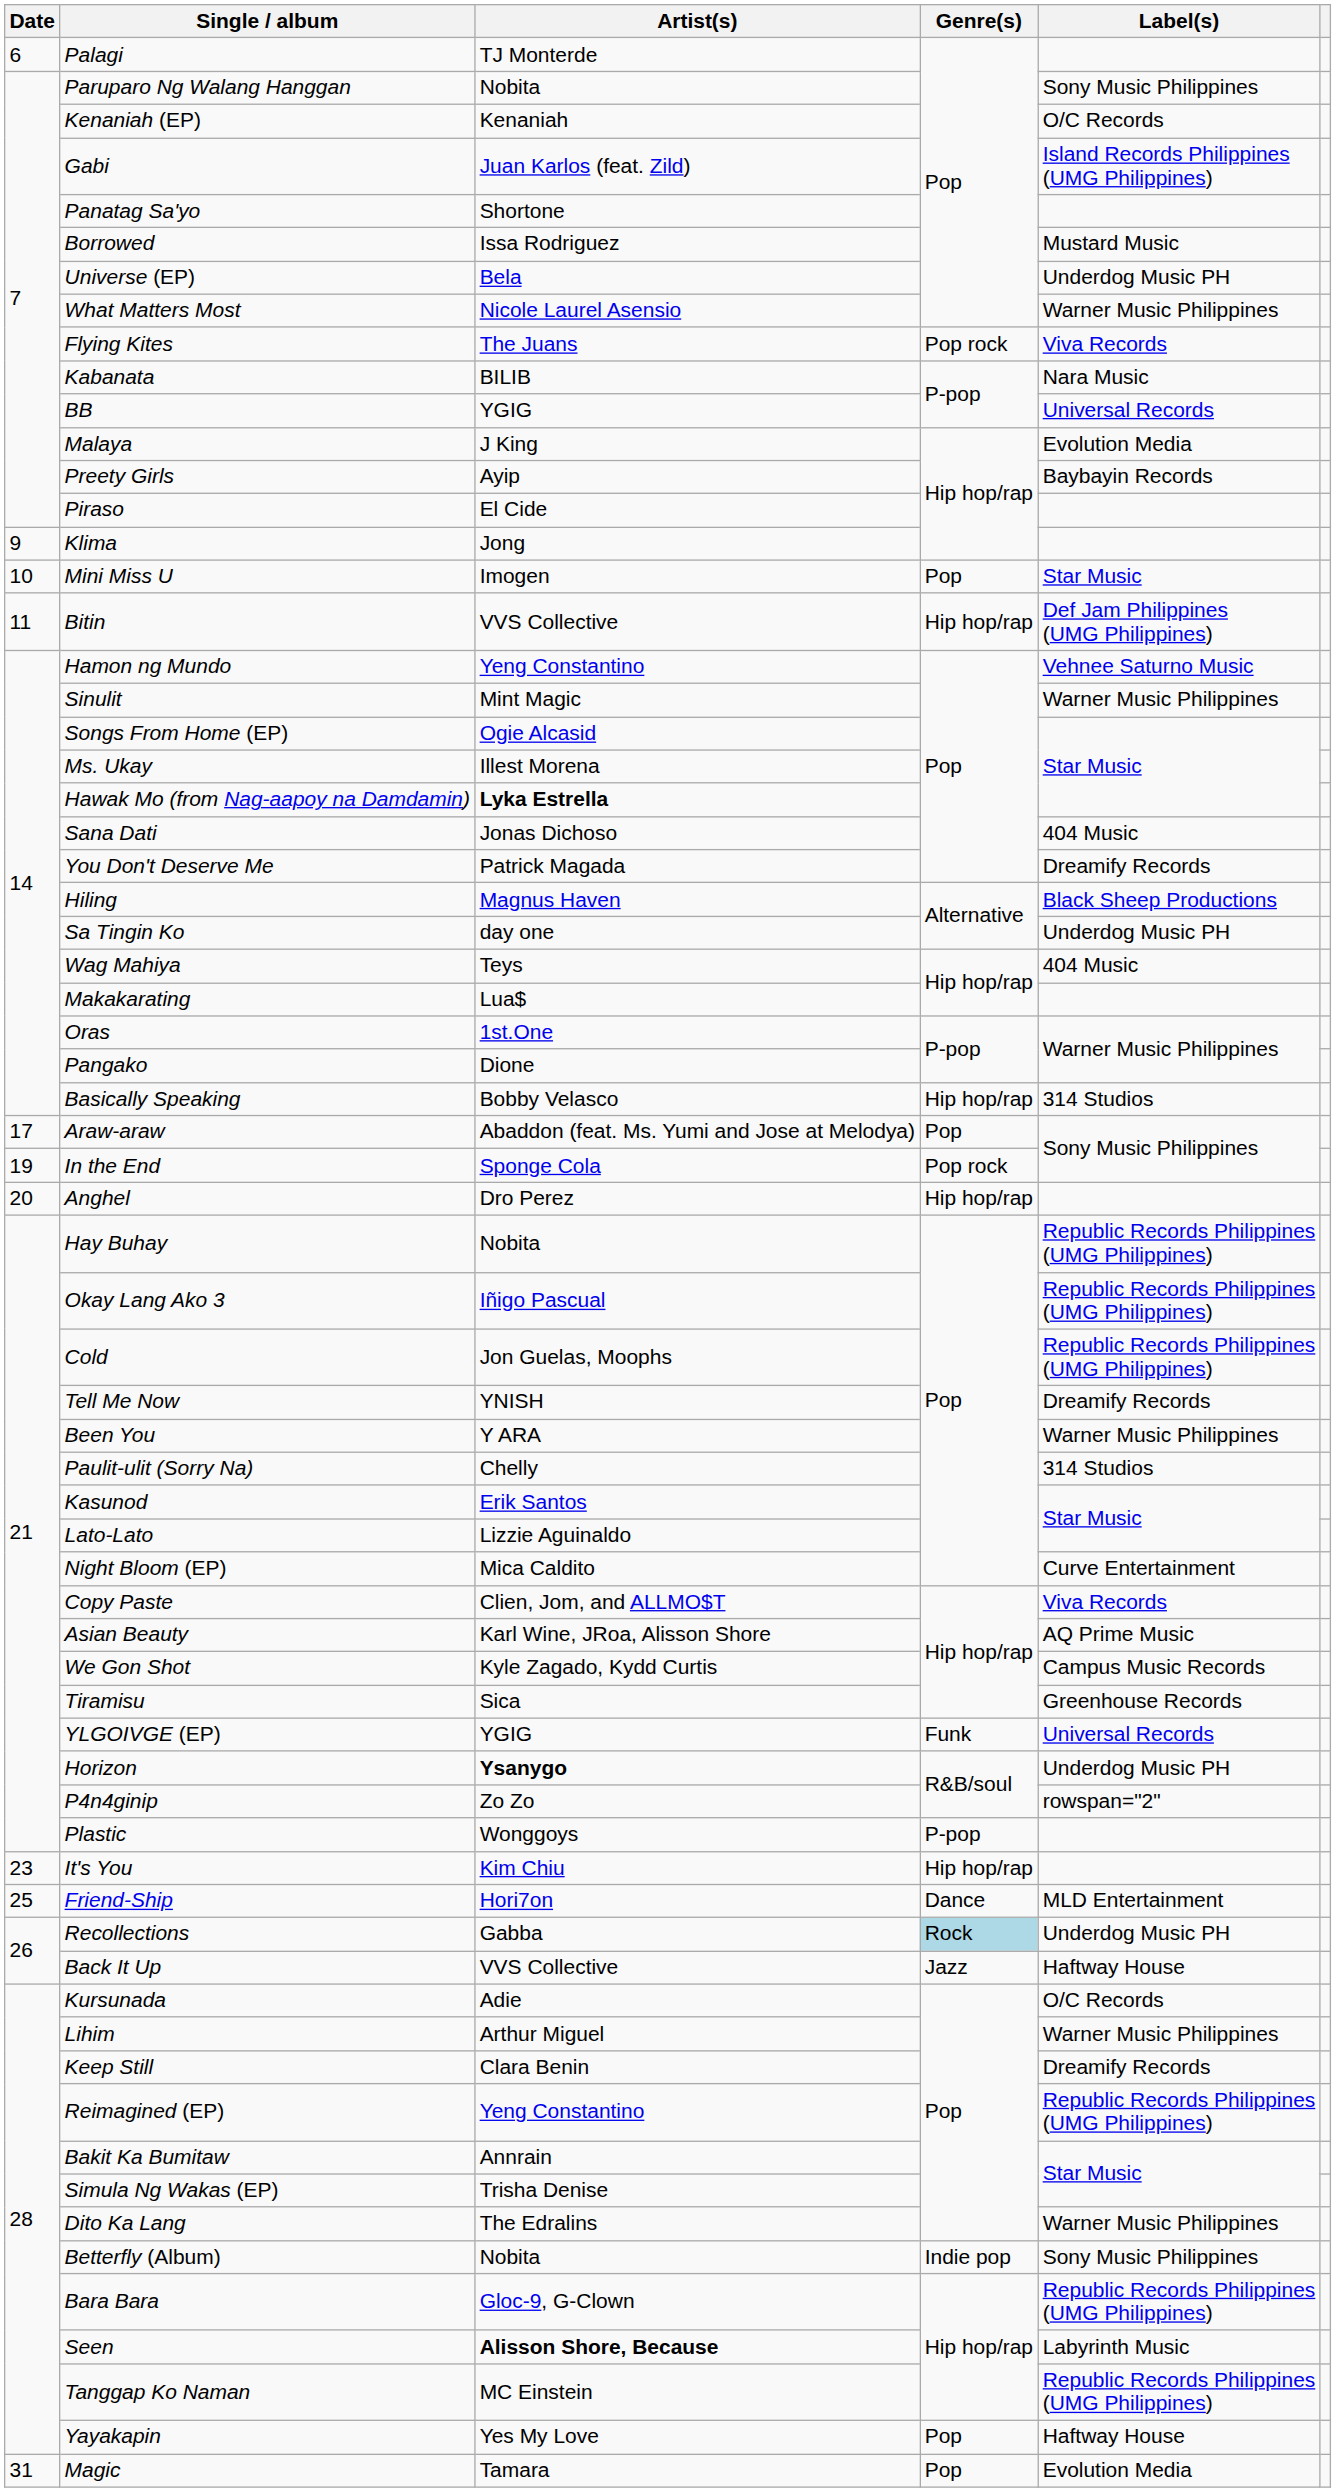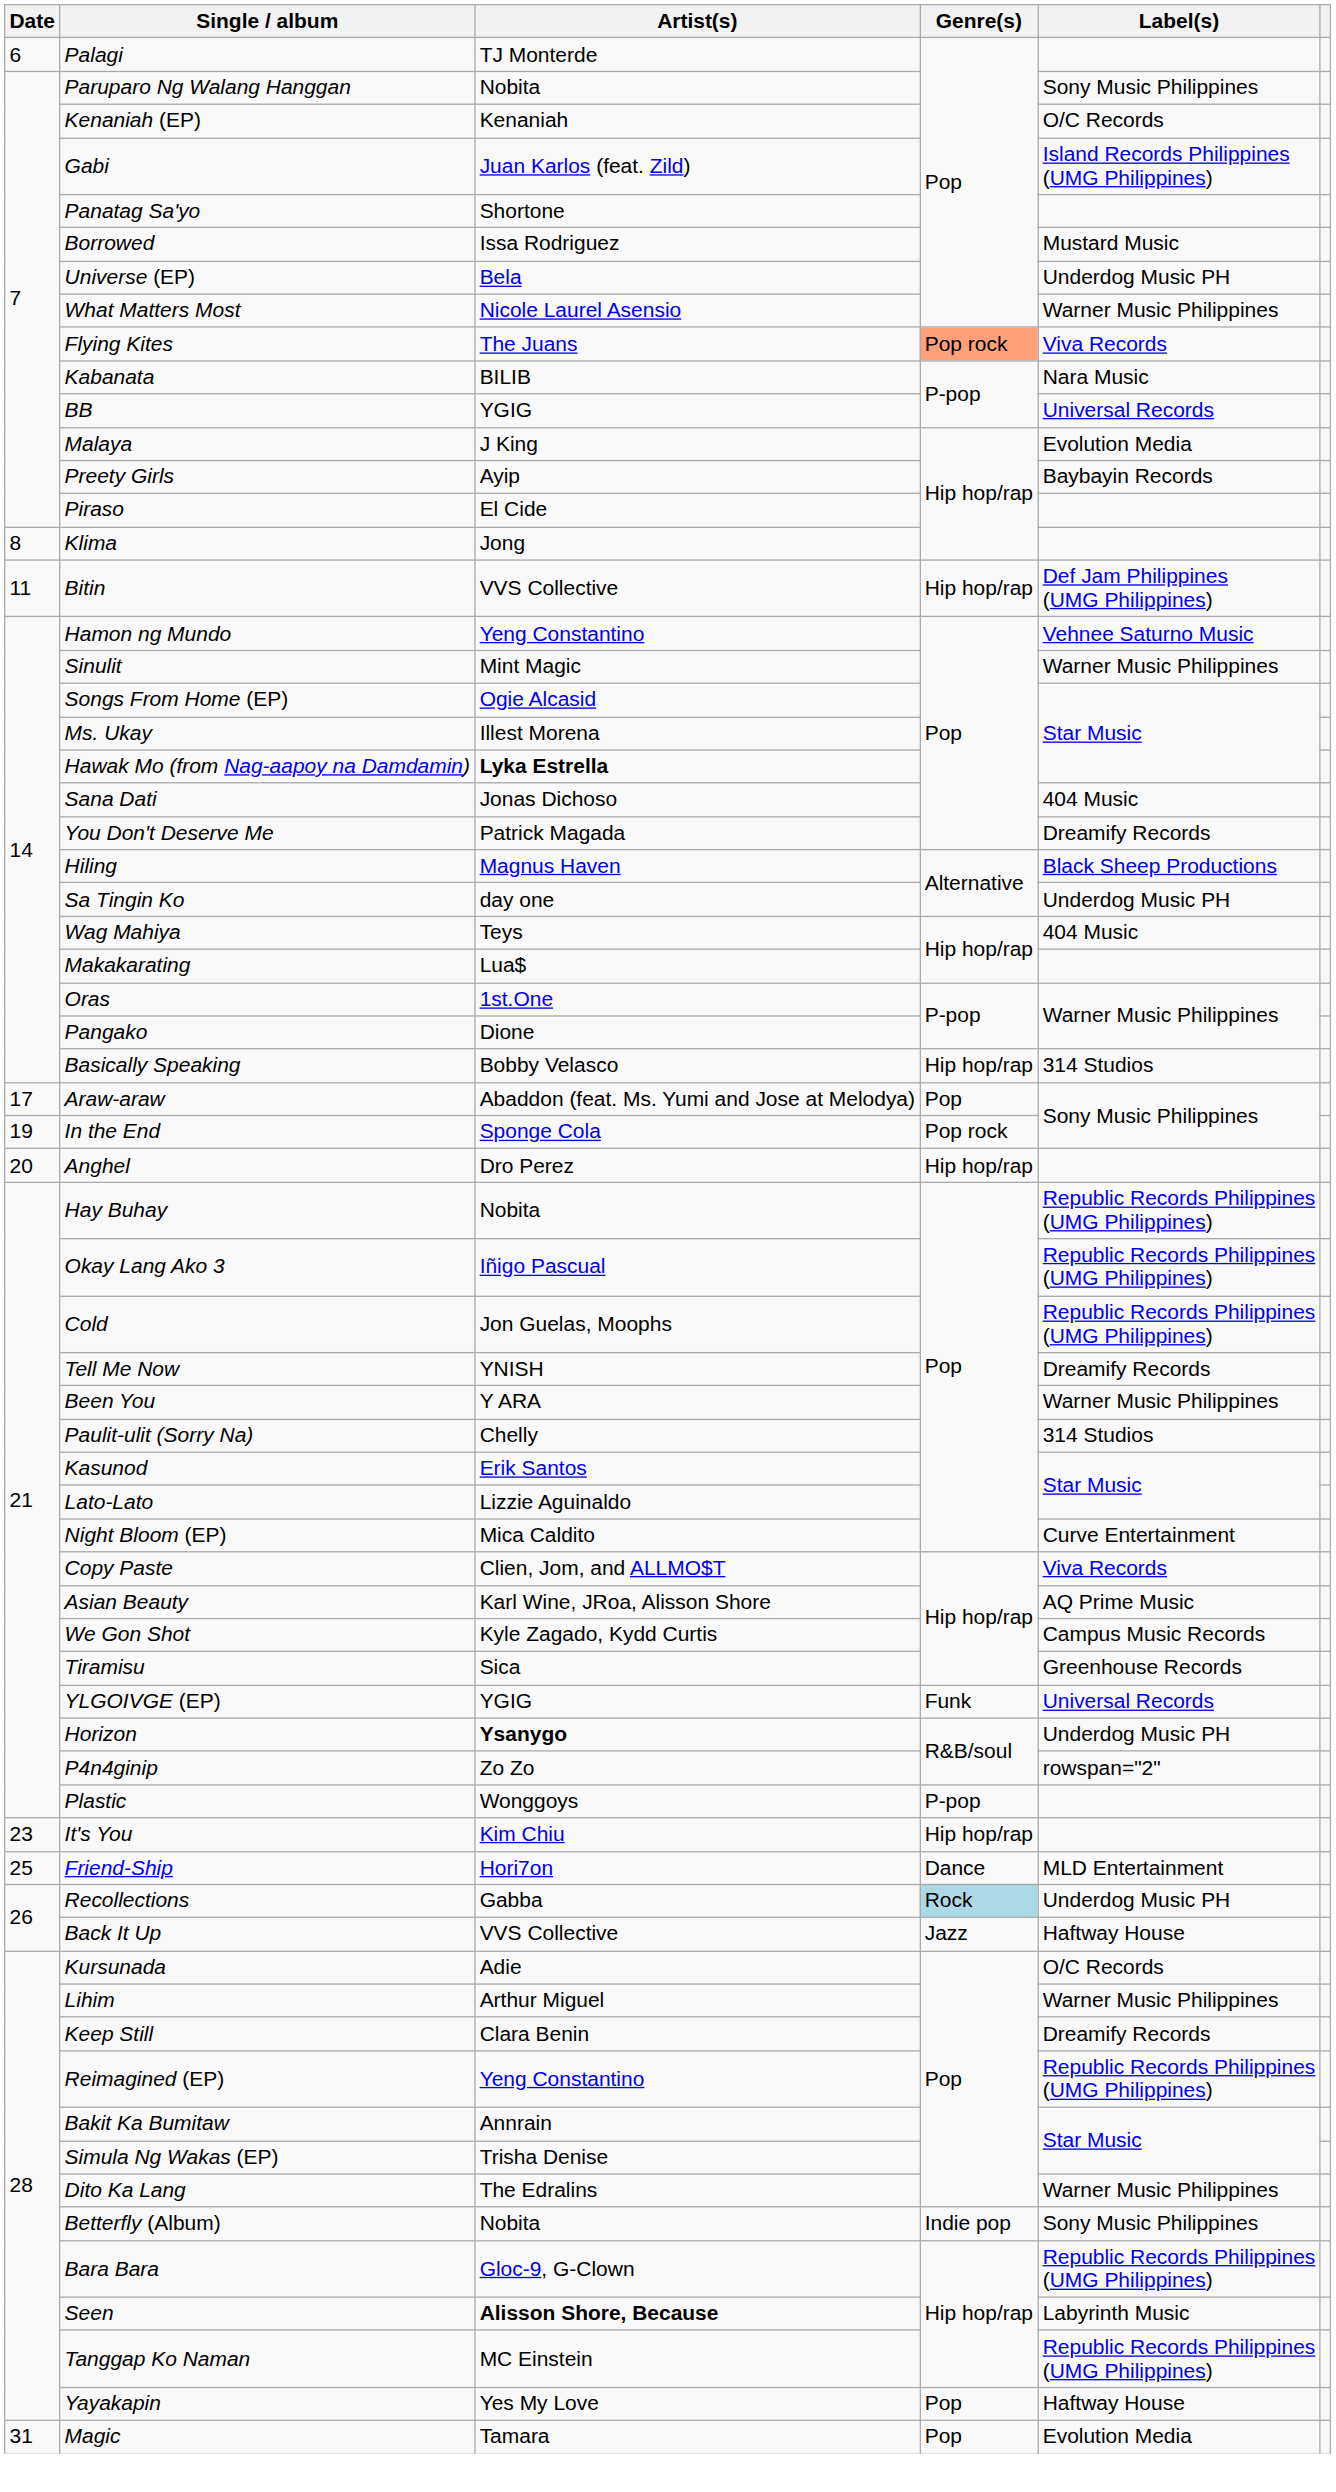 <table class="wikitable">
 <tr>
 <th>Date</th>
 <th>Single / album</th>
 <th>Artist(s)</th>
 <th>Genre(s)</th>
 <th>Label(s)</th>
 <th></th>
 </tr>
 <tr>
 <td>6</td>
 <td><em>Palagi</em></td>
 <td>TJ Monterde</td>
 <td rowspan="8">Pop</td>
 <td></td>
 <td></td>
 </tr>
 <tr>
 <td rowspan="13">7</td>
 <td><em>Paruparo Ng Walang Hanggan</em></td>
 <td>Nobita</td>
 <td>Sony Music Philippines</td>
 <td></td>
 </tr>
 <tr>
 <td><em>Kenaniah</em> (EP)</td>
 <td>Kenaniah</td>
 <td>O/C Records</td>
 <td></td>
 </tr>
 <tr>
 <td><em>Gabi</em></td>
 <td><a href='#'>Juan Karlos</a> (feat. <a href='#'>Zild</a>)</td>
 <td><a href='#'>Island Records Philippines</a><br>(<a href='#'>UMG Philippines</a>)</td>
 <td></td>
 </tr>
 <tr>
 <td><em>Panatag Sa'yo</em></td>
 <td>Shortone</td>
 <td></td>
 <td></td>
 </tr>
 <tr>
 <td><em>Borrowed</em></td>
 <td>Issa Rodriguez</td>
 <td>Mustard Music</td>
 <td></td>
 </tr>
 <tr>
 <td><em>Universe</em> (EP)</td>
 <td><a href='#'>Bela</a></td>
 <td>Underdog Music PH</td>
 <td></td>
 </tr>
 <tr>
 <td><em>What Matters Most</em></td>
 <td><a href='#'>Nicole Laurel Asensio</a></td>
 <td>Warner Music Philippines</td>
 </tr>
 <tr>
 <td><em>Flying Kites</em></td>
 <td><a href='#'>The Juans</a></td>
-<td>Pop rock</td>
+<td style="background: lightsalmon;">Pop rock</td>
 <td><a href='#'>Viva Records</a></td>
 <td></td>
 </tr>
 <tr>
 <td><em>Kabanata</em></td>
 <td>BILIB</td>
 <td rowspan="2">P-pop</td>
 <td>Nara Music</td>
 <td></td>
 </tr>
 <tr>
 <td><em>BB</em></td>
 <td>YGIG</td>
 <td><a href='#'>Universal Records</a></td>
 <td></td>
 </tr>
 <tr>
 <td><em>Malaya</em></td>
 <td>J King</td>
 <td rowspan="4">Hip hop/rap</td>
 <td>Evolution Media</td>
 <td></td>
 </tr>
 <tr>
 <td><em>Preety Girls</em></td>
 <td>Ayip</td>
 <td>Baybayin Records</td>
 <td></td>
 </tr>
 <tr>
 <td><em>Piraso</em></td>
 <td>El Cide</td>
 <td></td>
 <td></td>
 </tr>
 <tr>
-<td>9</td>
+<td>8</td>
 <td><em>Klima</em></td>
 <td>Jong</td>
 <td></td>
-<td></td>
-</tr>
-<tr>
-<td>10</td>
-<td><em>Mini Miss U</em></td>
-<td>Imogen</td>
-<td>Pop</td>
-<td><a href='#'>Star Music</a></td>
 <td></td>
 </tr>
 <tr>
 <td>11</td>
 <td><em>Bitin</em></td>
 <td>VVS Collective</td>
 <td>Hip hop/rap</td>
 <td><a href='#'>Def Jam Philippines</a><br>(<a href='#'>UMG Philippines</a>)</td>
 <td></td>
 </tr>
 <tr>
 <td rowspan="14">14</td>
 <td><em>Hamon ng Mundo</em></td>
 <td><a href='#'>Yeng Constantino</a></td>
 <td rowspan="7">Pop</td>
 <td><a href='#'>Vehnee Saturno Music</a></td>
 <td></td>
 </tr>
 <tr>
 <td><em>Sinulit</em></td>
 <td>Mint Magic</td>
 <td>Warner Music Philippines</td>
 <td></td>
 </tr>
 <tr>
 <td><em>Songs From Home</em> (EP)</td>
 <td><a href='#'>Ogie Alcasid</a></td>
 <td rowspan="3"><a href='#'>Star Music</a></td>
 <td></td>
 </tr>
 <tr>
 <td><em>Ms. Ukay</em></td>
 <td>Illest Morena</td>
 <td></td>
 </tr>
 <tr>
 <td><em>Hawak Mo (from <a href='#'>Nag-aapoy na Damdamin</a>)</em></td>
 <td><strong>Lyka Estrella</strong></td>
 <td></td>
 </tr>
 <tr>
 <td><em>Sana Dati</em></td>
 <td>Jonas Dichoso</td>
 <td>404 Music</td>
 <td></td>
 </tr>
 <tr>
 <td><em>You Don't Deserve Me</em></td>
 <td>Patrick Magada</td>
 <td>Dreamify Records</td>
 <td></td>
 </tr>
 <tr>
 <td><em>Hiling</em></td>
 <td><a href='#'>Magnus Haven</a></td>
 <td rowspan="2">Alternative</td>
 <td><a href='#'>Black Sheep Productions</a></td>
 <td></td>
 </tr>
 <tr>
 <td><em>Sa Tingin Ko</em></td>
 <td>day one</td>
 <td>Underdog Music PH</td>
 <td></td>
 </tr>
 <tr>
 <td><em>Wag Mahiya</em></td>
 <td>Teys</td>
 <td rowspan="2">Hip hop/rap</td>
 <td>404 Music</td>
 <td></td>
 </tr>
 <tr>
 <td><em>Makakarating</em></td>
 <td>Lua$</td>
 <td></td>
 <td></td>
 </tr>
 <tr>
 <td><em>Oras</em></td>
 <td><a href='#'>1st.One</a></td>
 <td rowspan="2">P-pop</td>
 <td rowspan="2">Warner Music Philippines</td>
 <td></td>
 </tr>
 <tr>
 <td><em>Pangako</em></td>
 <td>Dione</td>
 <td></td>
 </tr>
 <tr>
 <td><em>Basically Speaking</em></td>
 <td>Bobby Velasco</td>
 <td>Hip hop/rap</td>
 <td>314 Studios</td>
 <td></td>
 </tr>
 <tr>
 <td>17</td>
 <td><em>Araw-araw</em></td>
 <td>Abaddon (feat. Ms. Yumi and Jose at Melodya)</td>
 <td>Pop</td>
 <td rowspan="2">Sony Music Philippines</td>
 </tr>
 <tr>
 <td>19</td>
 <td><em>In the End</em></td>
 <td><a href='#'>Sponge Cola</a></td>
 <td>Pop rock</td>
 <td></td>
 </tr>
 <tr>
 <td>20</td>
 <td><em>Anghel</em></td>
 <td>Dro Perez</td>
 <td>Hip hop/rap</td>
 <td></td>
 <td></td>
 </tr>
 <tr>
 <td rowspan="17">21</td>
 <td><em>Hay Buhay</em></td>
 <td>Nobita</td>
 <td rowspan="9">Pop</td>
 <td><a href='#'>Republic Records Philippines</a><br>(<a href='#'>UMG Philippines</a>)</td>
 <td></td>
 </tr>
 <tr>
 <td><em>Okay Lang Ako 3</em></td>
 <td><a href='#'>Iñigo Pascual</a></td>
 <td><a href='#'>Republic Records Philippines</a><br>(<a href='#'>UMG Philippines</a>)</td>
 <td></td>
 </tr>
 <tr>
 <td><em>Cold</em></td>
 <td>Jon Guelas, Moophs</td>
 <td><a href='#'>Republic Records Philippines</a><br>(<a href='#'>UMG Philippines</a>)</td>
 <td></td>
 </tr>
 <tr>
 <td><em>Tell Me Now</em></td>
 <td>YNISH</td>
 <td>Dreamify Records</td>
 <td></td>
 </tr>
 <tr>
 <td><em>Been You</em></td>
 <td>Y ARA</td>
 <td>Warner Music Philippines</td>
 </tr>
 <tr>
 <td><em>Paulit-ulit (Sorry Na)</em></td>
 <td>Chelly</td>
 <td>314 Studios</td>
 <td></td>
 </tr>
 <tr>
 <td><em>Kasunod</em></td>
 <td><a href='#'>Erik Santos</a></td>
 <td rowspan="2"><a href='#'>Star Music</a></td>
 <td></td>
 </tr>
 <tr>
 <td><em>Lato-Lato</em></td>
 <td>Lizzie Aguinaldo</td>
 <td></td>
 </tr>
 <tr>
 <td><em>Night Bloom</em> (EP)</td>
 <td>Mica Caldito</td>
 <td>Curve Entertainment</td>
 <td></td>
 </tr>
 <tr>
 <td><em>Copy Paste</em></td>
 <td>Clien, Jom, and <a href='#'>ALLMO$T</a></td>
 <td rowspan="4">Hip hop/rap</td>
 <td><a href='#'>Viva Records</a></td>
 <td></td>
 </tr>
 <tr>
 <td><em>Asian Beauty</em></td>
 <td>Karl Wine, JRoa, Alisson Shore</td>
 <td>AQ Prime Music</td>
 <td></td>
 </tr>
 <tr>
 <td><em>We Gon Shot</em></td>
 <td>Kyle Zagado, Kydd Curtis</td>
 <td>Campus Music Records</td>
 <td></td>
 </tr>
 <tr>
 <td><em>Tiramisu</em></td>
 <td>Sica</td>
 <td>Greenhouse Records</td>
 </tr>
 <tr>
 <td><em>YLGOIVGE</em> (EP)</td>
 <td>YGIG</td>
 <td>Funk</td>
 <td><a href='#'>Universal Records</a></td>
 <td></td>
 </tr>
 <tr>
 <td><em>Horizon</em></td>
 <td><strong>Ysanygo</strong></td>
 <td rowspan="2">R&B/soul</td>
 <td>Underdog Music PH</td>
 <td></td>
 </tr>
 <tr>
 <td><em>P4n4ginip</em></td>
 <td>Zo Zo</td>
 <td>rowspan="2" </td>
 <td></td>
 </tr>
 <tr>
 <td><em>Plastic</em></td>
 <td>Wonggoys</td>
 <td>P-pop</td>
 <td></td>
 </tr>
 <tr>
 <td>23</td>
 <td><em>It's You</em></td>
 <td><a href='#'>Kim Chiu</a></td>
 <td>Hip hop/rap</td>
 <td></td>
 <td></td>
 </tr>
 <tr>
 <td>25</td>
 <td><em><a href='#'>Friend-Ship</a></em></td>
 <td><a href='#'>Hori7on</a></td>
 <td>Dance</td>
 <td>MLD Entertainment</td>
 <td></td>
 </tr>
 <tr>
 <td rowspan="2">26</td>
 <td><em>Recollections</em></td>
 <td>Gabba</td>
 <td style="background: lightblue;">Rock</td>
 <td>Underdog Music PH</td>
 <td></td>
 </tr>
 <tr>
 <td><em>Back It Up</em></td>
 <td>VVS Collective</td>
 <td>Jazz</td>
 <td>Haftway House</td>
 <td></td>
 </tr>
 <tr>
 <td rowspan="12">28</td>
 <td><em>Kursunada</em></td>
 <td>Adie</td>
 <td rowspan="7">Pop</td>
 <td>O/C Records</td>
 <td></td>
 </tr>
 <tr>
 <td><em>Lihim</em></td>
 <td>Arthur Miguel</td>
 <td>Warner Music Philippines</td>
 <td></td>
 </tr>
 <tr>
 <td><em>Keep Still</em></td>
 <td>Clara Benin</td>
 <td>Dreamify Records</td>
 <td></td>
 </tr>
 <tr>
 <td><em>Reimagined</em> (EP)</td>
 <td><a href='#'>Yeng Constantino</a></td>
 <td><a href='#'>Republic Records Philippines</a><br>(<a href='#'>UMG Philippines</a>)</td>
 <td></td>
 </tr>
 <tr>
 <td><em>Bakit Ka Bumitaw</em></td>
 <td>Annrain</td>
 <td rowspan="2"><a href='#'>Star Music</a></td>
 <td></td>
 </tr>
 <tr>
 <td><em>Simula Ng Wakas</em> (EP)</td>
 <td>Trisha Denise</td>
 <td></td>
 </tr>
 <tr>
 <td><em>Dito Ka Lang</em></td>
 <td>The Edralins</td>
 <td>Warner Music Philippines</td>
 <td></td>
 </tr>
 <tr>
 <td><em>Betterfly</em> (Album)</td>
 <td>Nobita</td>
 <td>Indie pop</td>
 <td>Sony Music Philippines</td>
 <td></td>
 </tr>
 <tr>
 <td><em>Bara Bara</em></td>
 <td><a href='#'>Gloc-9</a>, G-Clown</td>
 <td rowspan="3">Hip hop/rap</td>
 <td><a href='#'>Republic Records Philippines</a><br>(<a href='#'>UMG Philippines</a>)</td>
 <td></td>
 </tr>
 <tr>
 <td><em>Seen</em></td>
 <td><strong>Alisson Shore, Because</strong></td>
 <td>Labyrinth Music</td>
 <td></td>
 </tr>
 <tr>
 <td><em>Tanggap Ko Naman</em></td>
 <td>MC Einstein</td>
 <td><a href='#'>Republic Records Philippines</a><br>(<a href='#'>UMG Philippines</a>)</td>
 <td></td>
 </tr>
 <tr>
 <td><em>Yayakapin</em></td>
 <td>Yes My Love</td>
 <td>Pop</td>
 <td>Haftway House</td>
 <td></td>
 </tr>
 <tr>
 <td>31</td>
 <td><em>Magic</em></td>
 <td>Tamara</td>
 <td>Pop</td>
 <td>Evolution Media</td>
 <td></td>
 </tr>
 </table>
